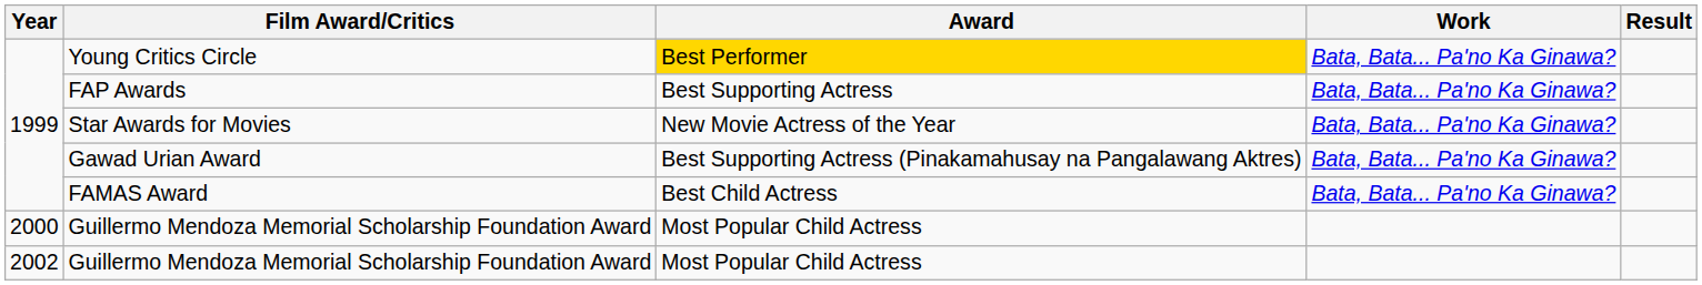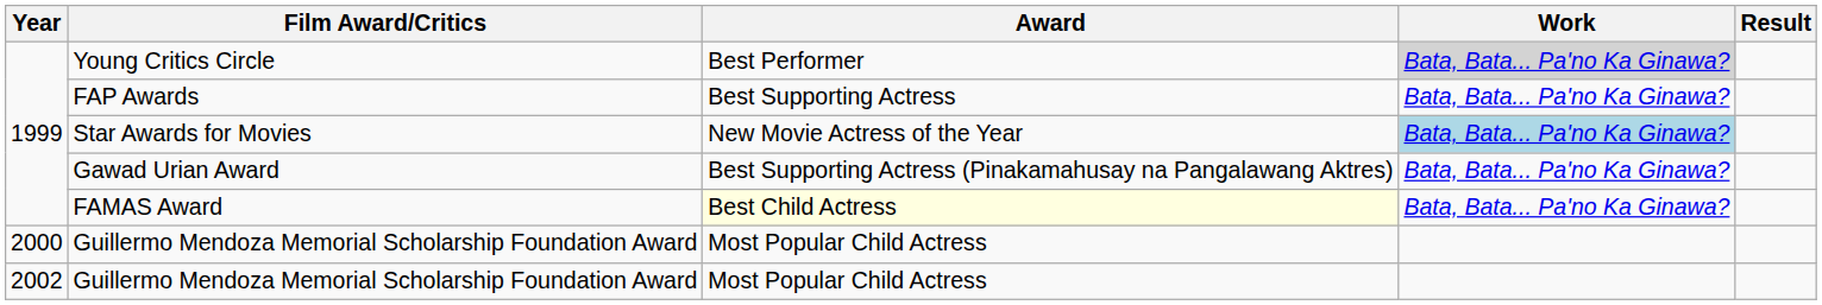 <table class="wikitable">
 <tr>
 <th>Year</th>
 <th>Film Award/Critics</th>
 <th>Award</th>
 <th>Work</th>
 <th>Result</th>
 </tr>
 <tr>
 <td rowspan="5">1999</td>
 <td>Young Critics Circle</td>
-<td style="background: gold;">Best Performer</td>
-<td><em><a href='#'>Bata, Bata... Pa'no Ka Ginawa?</a></em></td>
+<td>Best Performer</td>
+<td style="background: lightgrey;"><em><a href='#'>Bata, Bata... Pa'no Ka Ginawa?</a></em></td>
 <td></td>
 </tr>
 <tr>
 <td>FAP Awards</td>
 <td>Best Supporting Actress</td>
 <td><em><a href='#'>Bata, Bata... Pa'no Ka Ginawa?</a></em></td>
 <td></td>
 </tr>
 <tr>
 <td>Star Awards for Movies</td>
 <td>New Movie Actress of the Year</td>
-<td><em><a href='#'>Bata, Bata... Pa'no Ka Ginawa?</a></em></td>
+<td style="background: lightblue;"><em><a href='#'>Bata, Bata... Pa'no Ka Ginawa?</a></em></td>
 <td></td>
 </tr>
 <tr>
 <td>Gawad Urian Award</td>
 <td>Best Supporting Actress (Pinakamahusay na Pangalawang Aktres)</td>
 <td><em><a href='#'>Bata, Bata... Pa'no Ka Ginawa?</a></em></td>
 <td></td>
 </tr>
 <tr>
 <td>FAMAS Award</td>
-<td>Best Child Actress</td>
+<td style="background: lightyellow;">Best Child Actress</td>
 <td><em><a href='#'>Bata, Bata... Pa'no Ka Ginawa?</a></em></td>
 <td></td>
 </tr>
 <tr>
 <td>2000</td>
 <td>Guillermo Mendoza Memorial Scholarship Foundation Award</td>
 <td>Most Popular Child Actress</td>
 <td></td>
 <td></td>
 </tr>
 <tr>
 <td>2002</td>
 <td>Guillermo Mendoza Memorial Scholarship Foundation Award</td>
 <td>Most Popular Child Actress</td>
 <td></td>
 <td></td>
 </tr>
 </table>
